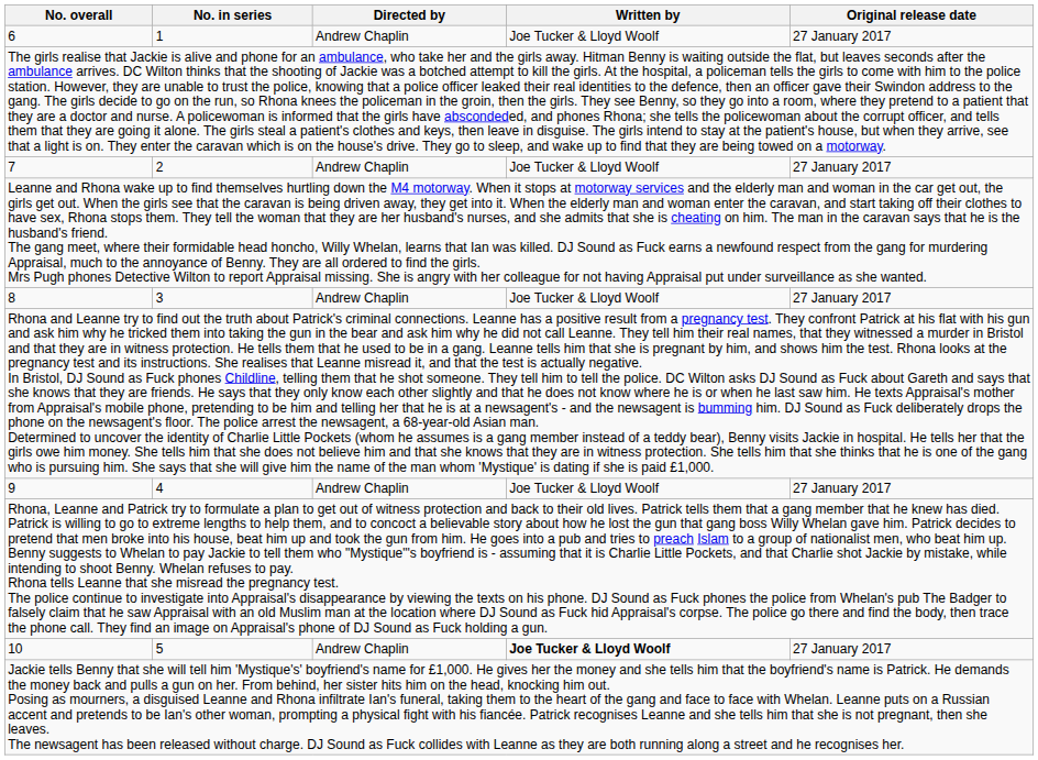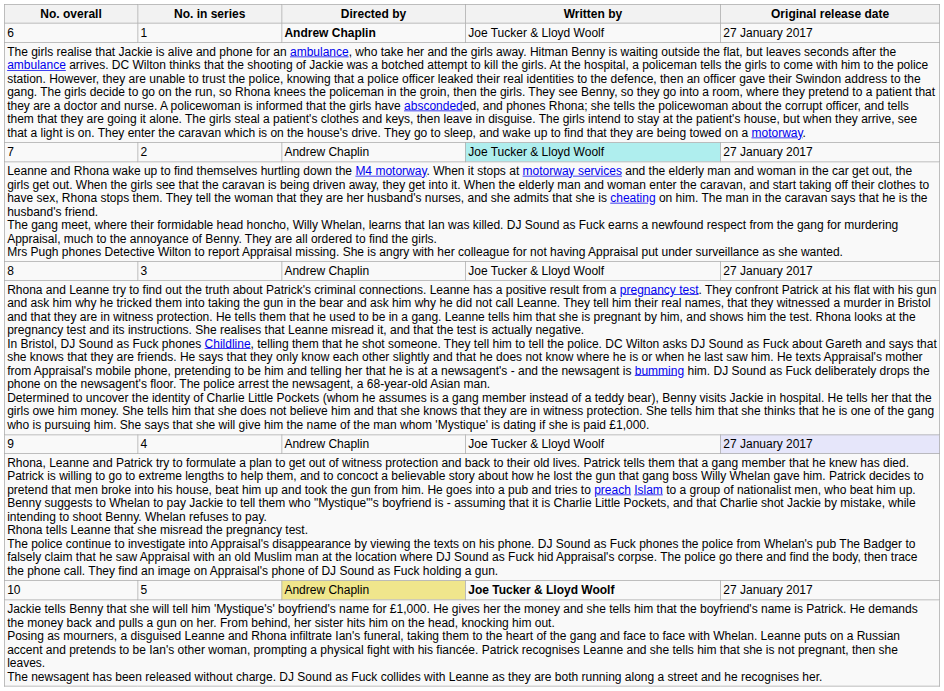 <table class="wikitable">
 <tr>
 <th>No. overall</th>
 <th>No. in series</th>
 <th>Directed by</th>
 <th>Written by</th>
 <th>Original release date</th>
 </tr>
 <tr>
 <td>6</td>
 <td>1</td>
-<td>Andrew Chaplin</td>
+<td><strong>Andrew Chaplin</strong></td>
 <td>Joe Tucker & Lloyd Woolf</td>
 <td>27 January 2017</td>
 </tr>
 <tr>
 <td colspan="5">The girls realise that Jackie is alive and phone for an <a href='#'>ambulance</a>, who take her and the girls away. Hitman Benny is waiting outside the flat, but leaves seconds after the <a href='#'>ambulance</a> arrives. DC Wilton thinks that the shooting of Jackie was a botched attempt to kill the girls. At the hospital, a policeman tells the girls to come with him to the police station. However, they are unable to trust the police, knowing that a police officer leaked their real identities to the defence, then an officer gave their Swindon address to the gang. The girls decide to go on the run, so Rhona knees the policeman in the groin, then the girls. They see Benny, so they go into a room, where they pretend to a patient that they are a doctor and nurse. A policewoman is informed that the girls have <a href='#'>absconded</a>ed, and phones Rhona; she tells the policewoman about the corrupt officer, and tells them that they are going it alone. The girls steal a patient's clothes and keys, then leave in disguise. The girls intend to stay at the patient's house, but when they arrive, see that a light is on. They enter the caravan which is on the house's drive. They go to sleep, and wake up to find that they are being towed on a <a href='#'>motorway</a>.</td>
 </tr>
 <tr>
 <td>7</td>
 <td>2</td>
 <td>Andrew Chaplin</td>
-<td>Joe Tucker & Lloyd Woolf</td>
+<td style="background: paleturquoise;">Joe Tucker & Lloyd Woolf</td>
 <td>27 January 2017</td>
 </tr>
 <tr>
 <td colspan="5">Leanne and Rhona wake up to find themselves hurtling down the <a href='#'>M4 motorway</a>. When it stops at <a href='#'>motorway services</a> and the elderly man and woman in the car get out, the girls get out. When the girls see that the caravan is being driven away, they get into it. When the elderly man and woman enter the caravan, and start taking off their clothes to have sex, Rhona stops them. They tell the woman that they are her husband's nurses, and she admits that she is <a href='#'>cheating</a> on him. The man in the caravan says that he is the husband's friend.<br>The gang meet, where their formidable head honcho, Willy Whelan, learns that Ian was killed. DJ Sound as Fuck earns a newfound respect from the gang for murdering Appraisal, much to the annoyance of Benny. They are all ordered to find the girls.<br>Mrs Pugh phones Detective Wilton to report Appraisal missing. She is angry with her colleague for not having Appraisal put under surveillance as she wanted.</td>
 </tr>
 <tr>
 <td>8</td>
 <td>3</td>
 <td>Andrew Chaplin</td>
 <td>Joe Tucker & Lloyd Woolf</td>
 <td>27 January 2017</td>
 </tr>
 <tr>
 <td colspan="5">Rhona and Leanne try to find out the truth about Patrick's criminal connections. Leanne has a positive result from a <a href='#'>pregnancy test</a>. They confront Patrick at his flat with his gun and ask him why he tricked them into taking the gun in the bear and ask him why he did not call Leanne. They tell him their real names, that they witnessed a murder in Bristol and that they are in witness protection. He tells them that he used to be in a gang. Leanne tells him that she is pregnant by him, and shows him the test. Rhona looks at the pregnancy test and its instructions. She realises that Leanne misread it, and that the test is actually negative.<br>In Bristol, DJ Sound as Fuck phones <a href='#'>Childline</a>, telling them that he shot someone. They tell him to tell the police. DC Wilton asks DJ Sound as Fuck about Gareth and says that she knows that they are friends. He says that they only know each other slightly and that he does not know where he is or when he last saw him. He texts Appraisal's mother from Appraisal's mobile phone, pretending to be him and telling her that he is at a newsagent's - and the newsagent is <a href='#'>bumming</a> him. DJ Sound as Fuck deliberately drops the phone on the newsagent's floor. The police arrest the newsagent, a 68-year-old Asian man.<br>Determined to uncover the identity of Charlie Little Pockets (whom he assumes is a gang member instead of a teddy bear), Benny visits Jackie in hospital. He tells her that the girls owe him money. She tells him that she does not believe him and that she knows that they are in witness protection. She tells him that she thinks that he is one of the gang who is pursuing him. She says that she will give him the name of the man whom 'Mystique' is dating if she is paid £1,000.</td>
 </tr>
 <tr>
 <td>9</td>
 <td>4</td>
 <td>Andrew Chaplin</td>
 <td>Joe Tucker & Lloyd Woolf</td>
-<td>27 January 2017</td>
+<td style="background: lavender;">27 January 2017</td>
 </tr>
 <tr>
 <td colspan="5">Rhona, Leanne and Patrick try to formulate a plan to get out of witness protection and back to their old lives. Patrick tells them that a gang member that he knew has died. Patrick is willing to go to extreme lengths to help them, and to concoct a believable story about how he lost the gun that gang boss Willy Whelan gave him. Patrick decides to pretend that men broke into his house, beat him up and took the gun from him. He goes into a pub and tries to <a href='#'>preach</a> <a href='#'>Islam</a> to a group of nationalist men, who beat him up.<br>Benny suggests to Whelan to pay Jackie to tell them who "Mystique"'s boyfriend is - assuming that it is Charlie Little Pockets, and that Charlie shot Jackie by mistake, while intending to shoot Benny. Whelan refuses to pay.<br>Rhona tells Leanne that she misread the pregnancy test.<br>The police continue to investigate into Appraisal's disappearance by viewing the texts on his phone. DJ Sound as Fuck phones the police from Whelan's pub The Badger to falsely claim that he saw Appraisal with an old Muslim man at the location where DJ Sound as Fuck hid Appraisal's corpse. The police go there and find the body, then trace the phone call. They find an image on Appraisal's phone of DJ Sound as Fuck holding a gun.</td>
 </tr>
 <tr>
 <td>10</td>
 <td>5</td>
-<td>Andrew Chaplin</td>
+<td style="background: khaki;">Andrew Chaplin</td>
 <td><strong>Joe Tucker & Lloyd Woolf</strong></td>
 <td>27 January 2017</td>
 </tr>
 <tr>
 <td colspan="5">Jackie tells Benny that she will tell him 'Mystique's' boyfriend's name for £1,000. He gives her the money and she tells him that the boyfriend's name is Patrick. He demands the money back and pulls a gun on her. From behind, her sister hits him on the head, knocking him out.<br>Posing as mourners, a disguised Leanne and Rhona infiltrate Ian's funeral, taking them to the heart of the gang and face to face with Whelan. Leanne puts on a Russian accent and pretends to be Ian's other woman, prompting a physical fight with his fiancée. Patrick recognises Leanne and she tells him that she is not pregnant, then she leaves.<br>The newsagent has been released without charge. DJ Sound as Fuck collides with Leanne as they are both running along a street and he recognises her.</td>
 </tr>
 </table>
